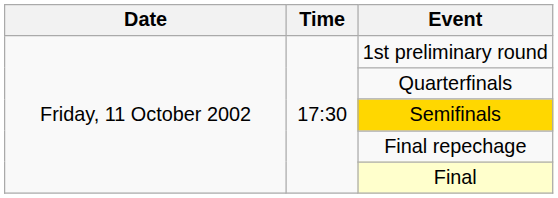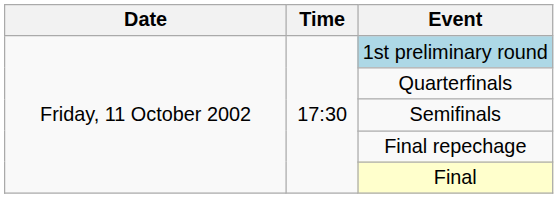 <table class = "wikitable" style="text-align:center;">
 <tr>
 <th width=220>Date</th>
 <th width=50>Time</th>
 <th width=150>Event</th>
 </tr>
 <tr>
 <td rowspan=5>Friday, 11 October 2002</td>
 <td rowspan=5>17:30</td>
-<td>1st preliminary round</td>
+<td style="background: lightblue;">1st preliminary round</td>
 </tr>
 <tr>
 <td>Quarterfinals</td>
 </tr>
 <tr>
-<td style="background: gold;">Semifinals</td>
+<td>Semifinals</td>
 </tr>
 <tr>
 <td>Final repechage</td>
 </tr>
 <tr>
 <td bgcolor=ffffcc>Final</td>
 </tr>
 </table>
